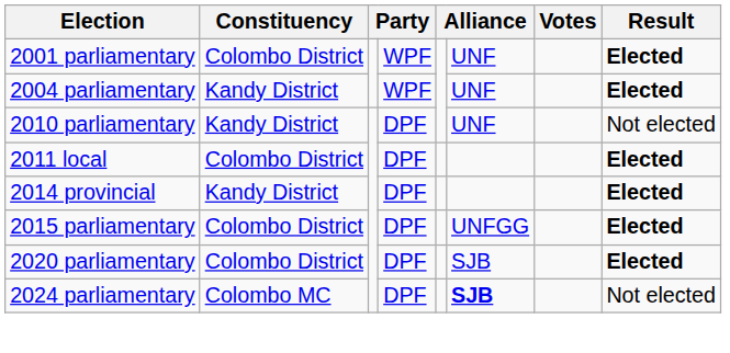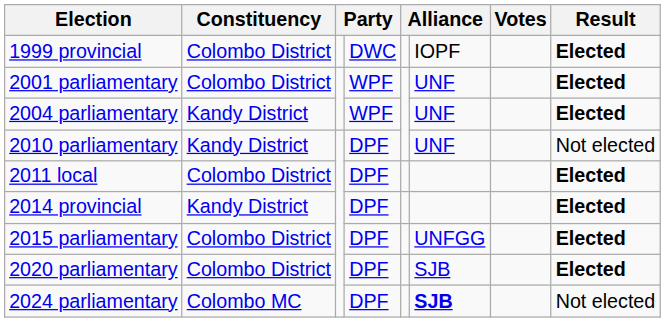 <table class="wikitable" style="text-align:left;">
 <tr>
 <th scope=col>Election</th>
 <th scope=col>Constituency</th>
 <th scope=col colspan="2">Party</th>
 <th scope=col colspan="2">Alliance</th>
 <th scope=col>Votes</th>
 <th scope=col>Result</th>
+</tr>
+<tr>
+<td><a href='#'>1999 provincial</a></td>
+<td><a href='#'>Colombo District</a></td>
+<td style="background:"></td>
+<td><a href='#'>DWC</a></td>
+<td></td>
+<td>IOPF</td>
+<td></td>
+<td><strong>Elected</strong></td>
 </tr>
 <tr>
 <td><a href='#'>2001 parliamentary</a></td>
 <td><a href='#'>Colombo District</a></td>
 <td rowspan="2" style="background:"></td>
 <td><a href='#'>WPF</a></td>
 <td rowspan="3" style="background:"></td>
 <td><a href='#'>UNF</a></td>
 <td align=right></td>
 <td><strong>Elected</strong></td>
 </tr>
 <tr>
 <td><a href='#'>2004 parliamentary</a></td>
 <td><a href='#'>Kandy District</a></td>
 <td><a href='#'>WPF</a></td>
 <td><a href='#'>UNF</a></td>
 <td align=right></td>
 <td><strong>Elected</strong></td>
 </tr>
 <tr>
 <td><a href='#'>2010 parliamentary</a></td>
 <td><a href='#'>Kandy District</a></td>
 <td rowspan="6" style="background:"></td>
 <td><a href='#'>DPF</a></td>
 <td><a href='#'>UNF</a></td>
 <td align=right></td>
 <td>Not elected</td>
 </tr>
 <tr>
 <td><a href='#'>2011 local</a></td>
 <td><a href='#'>Colombo District</a></td>
 <td><a href='#'>DPF</a></td>
 <td></td>
 <td></td>
 <td align=right></td>
 <td><strong>Elected</strong></td>
 </tr>
 <tr>
 <td><a href='#'>2014 provincial</a></td>
 <td><a href='#'>Kandy District</a></td>
 <td><a href='#'>DPF</a></td>
 <td></td>
 <td></td>
 <td align=right></td>
 <td><strong>Elected</strong></td>
 </tr>
 <tr>
 <td><a href='#'>2015 parliamentary</a></td>
 <td><a href='#'>Colombo District</a></td>
 <td><a href='#'>DPF</a></td>
 <td style="background:"></td>
 <td><a href='#'>UNFGG</a></td>
 <td align=right></td>
 <td><strong>Elected</strong></td>
 </tr>
 <tr>
 <td><a href='#'>2020 parliamentary</a></td>
 <td><a href='#'>Colombo District</a></td>
 <td><a href='#'>DPF</a></td>
 <td style="background:"></td>
 <td><a href='#'>SJB</a></td>
 <td align=right></td>
 <td><strong>Elected</strong></td>
 </tr>
 <tr>
 <td><a href='#'>2024 parliamentary</a></td>
 <td><a href='#'>Colombo MC</a></td>
 <td><a href='#'>DPF</a></td>
 <td style="background:"></td>
 <td><strong><a href='#'>SJB</a></strong></td>
 <td align=right></td>
 <td>Not elected</td>
 </tr>
 </table>
